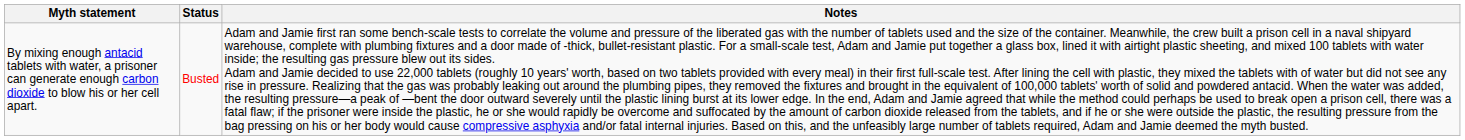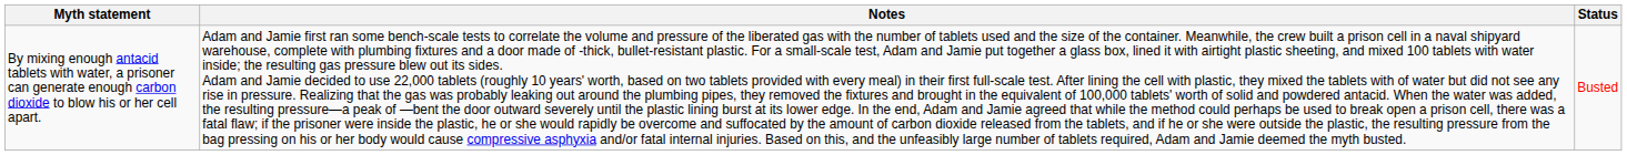 <table class="wikitable plainrowheaders">
 <tr>
 <th>Myth statement</th>
+<th>Notes</th>
 <th>Status</th>
-<th>Notes</th>
 </tr>
 <tr>
 <td>By mixing enough <a href='#'>antacid</a> tablets with water, a prisoner can generate enough <a href='#'>carbon dioxide</a> to blow his or her cell apart.</td>
+<td>Adam and Jamie first ran some bench-scale tests to correlate the volume and pressure of the liberated gas with the number of tablets used and the size of the container. Meanwhile, the crew built a prison cell in a naval shipyard warehouse, complete with plumbing fixtures and a door made of -thick, bullet-resistant plastic. For a small-scale test, Adam and Jamie put together a glass box, lined it with airtight plastic sheeting, and mixed 100 tablets with water inside; the resulting gas pressure blew out its sides.<br>Adam and Jamie decided to use 22,000 tablets (roughly 10 years' worth, based on two tablets provided with every meal) in their first full-scale test. After lining the cell with plastic, they mixed the tablets with  of water but did not see any rise in pressure. Realizing that the gas was probably leaking out around the plumbing pipes, they removed the fixtures and brought in the equivalent of 100,000 tablets' worth of solid and powdered antacid. When the water was added, the resulting pressure—a peak of —bent the door outward severely until the plastic lining burst at its lower edge. In the end, Adam and Jamie agreed that while the method could perhaps be used to break open a prison cell, there was a fatal flaw; if the prisoner were inside the plastic, he or she would rapidly be overcome and suffocated by the amount of carbon dioxide released from the tablets, and if he or she were outside the plastic, the resulting pressure from the bag pressing on his or her body would cause <a href='#'>compressive asphyxia</a> and/or fatal internal injuries. Based on this, and the unfeasibly large number of tablets required, Adam and Jamie deemed the myth busted.</td>
 <td style="color:red">Busted</td>
-<td>Adam and Jamie first ran some bench-scale tests to correlate the volume and pressure of the liberated gas with the number of tablets used and the size of the container. Meanwhile, the crew built a prison cell in a naval shipyard warehouse, complete with plumbing fixtures and a door made of -thick, bullet-resistant plastic. For a small-scale test, Adam and Jamie put together a glass box, lined it with airtight plastic sheeting, and mixed 100 tablets with water inside; the resulting gas pressure blew out its sides.<br>Adam and Jamie decided to use 22,000 tablets (roughly 10 years' worth, based on two tablets provided with every meal) in their first full-scale test. After lining the cell with plastic, they mixed the tablets with  of water but did not see any rise in pressure. Realizing that the gas was probably leaking out around the plumbing pipes, they removed the fixtures and brought in the equivalent of 100,000 tablets' worth of solid and powdered antacid. When the water was added, the resulting pressure—a peak of —bent the door outward severely until the plastic lining burst at its lower edge. In the end, Adam and Jamie agreed that while the method could perhaps be used to break open a prison cell, there was a fatal flaw; if the prisoner were inside the plastic, he or she would rapidly be overcome and suffocated by the amount of carbon dioxide released from the tablets, and if he or she were outside the plastic, the resulting pressure from the bag pressing on his or her body would cause <a href='#'>compressive asphyxia</a> and/or fatal internal injuries. Based on this, and the unfeasibly large number of tablets required, Adam and Jamie deemed the myth busted.</td>
 </tr>
 </table>
